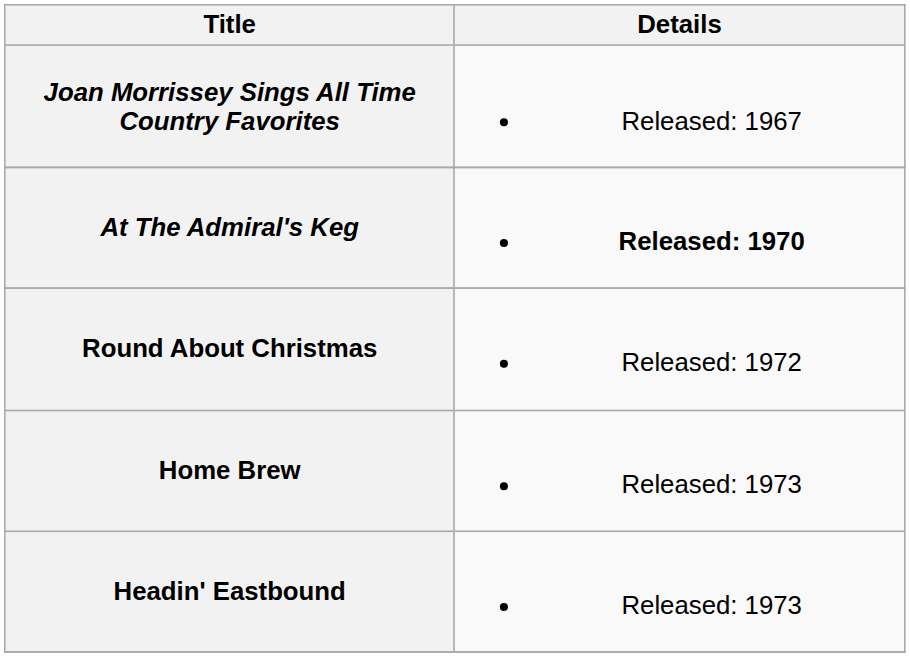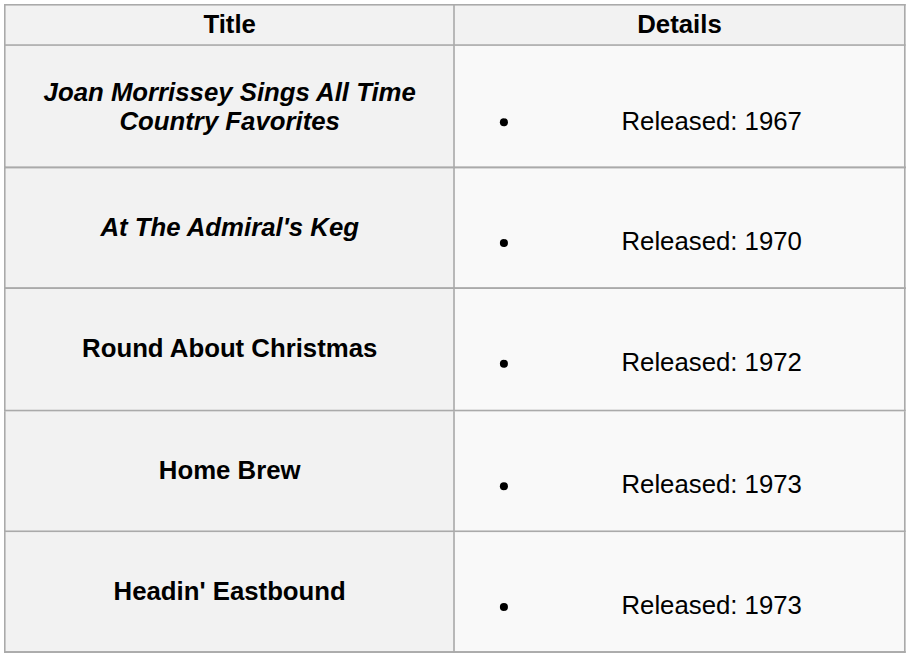 <table class="wikitable plainrowheaders" style="text-align:center;">
 <tr>
 <th scope="col" style="width:17em;">Title</th>
 <th scope="col" style="width:17em;">Details</th>
 </tr>
 <tr>
 <th scope="row"><em>Joan Morrissey Sings All Time Country Favorites</em></th>
 <td><br><ul><li>Released: 1967</li></ul></td>
 </tr>
 <tr>
 </tr>
 <tr>
 <th scope="row"><em>At The Admiral's Keg</em></th>
-<td><strong><br><ul><li>Released: 1970</li></ul></strong></td>
+<td><br><ul><li>Released: 1970</li></ul></td>
 </tr>
 <tr>
 </tr>
 <tr>
 <th scope="row"><strong>Round About Christmas<em></th>
 <td><br><ul><li>Released: 1972</li></ul></td>
 </tr>
 <tr>
 <th scope="row"></em>Home Brew<em></th>
 <td><br><ul><li>Released: 1973</li></ul></td>
 </tr>
 <tr>
 <th scope="row"></em>Headin' Eastbound<em></th>
 <td><br><ul><li>Released: 1973</li></ul></td>
 </tr>
 <tr>
 </tr>
 </table>
